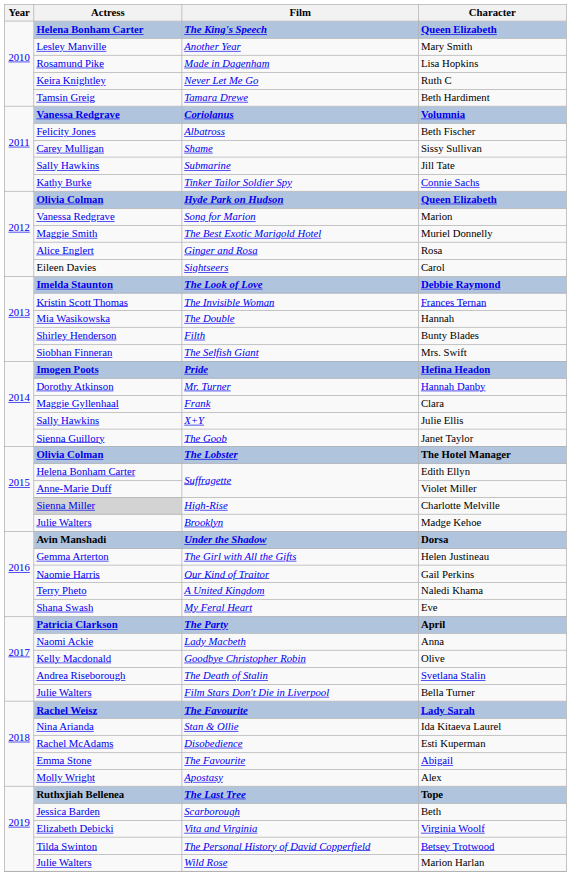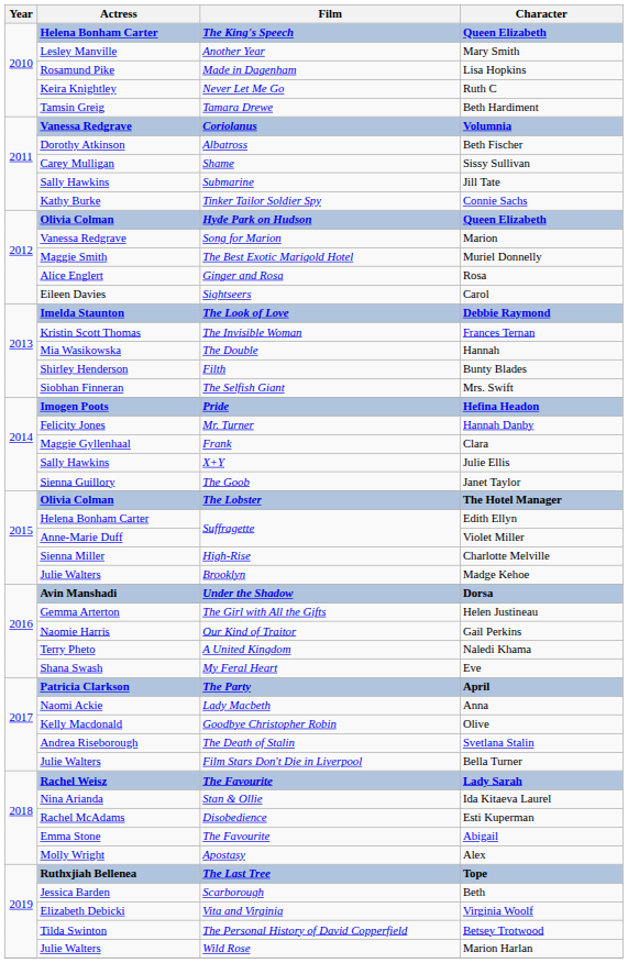 <table class="wikitable" width="95%" cellpadding="5">
 <tr>
 <th width="5%">Year</th>
 <th width="25%">Actress</th>
 <th width="40%">Film</th>
 <th width="25%">Character</th>
 </tr>
 <tr>
 <td rowspan="5" style="text-align:center;"><a href='#'>2010</a><br><br></td>
 <td style="background:#B0C4DE;"><strong><a href='#'>Helena Bonham Carter</a></strong></td>
 <td style="background:#B0C4DE;"><strong><em><a href='#'>The King's Speech</a></em></strong></td>
 <td style="background:#B0C4DE;"><strong><a href='#'>Queen Elizabeth</a></strong></td>
 </tr>
 <tr>
 <td><a href='#'>Lesley Manville</a></td>
 <td><em><a href='#'>Another Year</a></em></td>
 <td>Mary Smith</td>
 </tr>
 <tr>
 <td><a href='#'>Rosamund Pike</a></td>
 <td><em><a href='#'>Made in Dagenham</a></em></td>
 <td>Lisa Hopkins</td>
 </tr>
 <tr>
 <td><a href='#'>Keira Knightley</a></td>
 <td><em><a href='#'>Never Let Me Go</a></em></td>
 <td>Ruth C</td>
 </tr>
 <tr>
 <td><a href='#'>Tamsin Greig</a></td>
 <td><em><a href='#'>Tamara Drewe</a></em></td>
 <td>Beth Hardiment</td>
 </tr>
 <tr>
 <td rowspan="5" style="text-align:center;"><a href='#'>2011</a><br><br></td>
 <td style="background:#B0C4DE;"><strong><a href='#'>Vanessa Redgrave</a></strong></td>
 <td style="background:#B0C4DE;"><strong><em><a href='#'>Coriolanus</a></em></strong></td>
 <td style="background:#B0C4DE;"><strong><a href='#'>Volumnia</a></strong></td>
 </tr>
 <tr>
-<td><a href='#'>Felicity Jones</a></td>
+<td><a href='#'>Dorothy Atkinson</a></td>
 <td><em><a href='#'>Albatross</a></em></td>
 <td>Beth Fischer</td>
 </tr>
 <tr>
 <td><a href='#'>Carey Mulligan</a></td>
 <td><em><a href='#'>Shame</a></em></td>
 <td>Sissy Sullivan</td>
 </tr>
 <tr>
 <td><a href='#'>Sally Hawkins</a></td>
 <td><em><a href='#'>Submarine</a></em></td>
 <td>Jill Tate</td>
 </tr>
 <tr>
 <td><a href='#'>Kathy Burke</a></td>
 <td><em><a href='#'>Tinker Tailor Soldier Spy</a></em></td>
 <td><a href='#'>Connie Sachs</a></td>
 </tr>
 <tr>
 <td rowspan="5" style="text-align:center;"><a href='#'>2012</a><br><br></td>
 <td style="background:#B0C4DE;"><strong><a href='#'>Olivia Colman</a></strong></td>
 <td style="background:#B0C4DE;"><strong><em><a href='#'>Hyde Park on Hudson</a></em></strong></td>
 <td style="background:#B0C4DE;"><strong><a href='#'>Queen Elizabeth</a></strong></td>
 </tr>
 <tr>
 <td><a href='#'>Vanessa Redgrave</a></td>
 <td><em><a href='#'>Song for Marion</a></em></td>
 <td>Marion</td>
 </tr>
 <tr>
 <td><a href='#'>Maggie Smith</a></td>
 <td><em><a href='#'>The Best Exotic Marigold Hotel</a></em></td>
 <td>Muriel Donnelly</td>
 </tr>
 <tr>
 <td><a href='#'>Alice Englert</a></td>
 <td><em><a href='#'>Ginger and Rosa</a></em></td>
 <td>Rosa</td>
 </tr>
 <tr>
 <td>Eileen Davies</td>
 <td><em><a href='#'>Sightseers</a></em></td>
 <td>Carol</td>
 </tr>
 <tr>
 <td rowspan="5" style="text-align:center;"><a href='#'>2013</a><br><br></td>
 <td style="background:#B0C4DE;"><strong><a href='#'>Imelda Staunton</a></strong></td>
 <td style="background:#B0C4DE;"><strong><em><a href='#'>The Look of Love</a></em></strong></td>
 <td style="background:#B0C4DE;"><strong><a href='#'>Debbie Raymond</a></strong></td>
 </tr>
 <tr>
 <td><a href='#'>Kristin Scott Thomas</a></td>
 <td><em><a href='#'>The Invisible Woman</a></em></td>
 <td><a href='#'>Frances Ternan</a></td>
 </tr>
 <tr>
 <td><a href='#'>Mia Wasikowska</a></td>
 <td><em><a href='#'>The Double</a></em></td>
 <td>Hannah</td>
 </tr>
 <tr>
 <td><a href='#'>Shirley Henderson</a></td>
 <td><em><a href='#'>Filth</a></em></td>
 <td>Bunty Blades</td>
 </tr>
 <tr>
 <td><a href='#'>Siobhan Finneran</a></td>
 <td><em><a href='#'>The Selfish Giant</a></em></td>
 <td>Mrs. Swift</td>
 </tr>
 <tr>
 <td rowspan="5" style="text-align:center;"><a href='#'>2014</a><br><br></td>
 <td style="background:#B0C4DE;"><strong><a href='#'>Imogen Poots</a></strong></td>
 <td style="background:#B0C4DE;"><strong><em><a href='#'>Pride</a></em></strong></td>
 <td style="background:#B0C4DE;"><strong><a href='#'>Hefina Headon</a></strong></td>
 </tr>
 <tr>
-<td><a href='#'>Dorothy Atkinson</a></td>
+<td><a href='#'>Felicity Jones</a></td>
 <td><em><a href='#'>Mr. Turner</a></em></td>
 <td><a href='#'>Hannah Danby</a></td>
 </tr>
 <tr>
 <td><a href='#'>Maggie Gyllenhaal</a></td>
 <td><em><a href='#'>Frank</a></em></td>
 <td>Clara</td>
 </tr>
 <tr>
 <td><a href='#'>Sally Hawkins</a></td>
 <td><em><a href='#'>X+Y</a></em></td>
 <td>Julie Ellis</td>
 </tr>
 <tr>
 <td><a href='#'>Sienna Guillory</a></td>
 <td><em><a href='#'>The Goob</a></em></td>
 <td>Janet Taylor</td>
 </tr>
 <tr>
 <td rowspan="5" style="text-align:center;"><a href='#'>2015</a><br><br></td>
 <td style="background:#B0C4DE;"><strong><a href='#'>Olivia Colman</a></strong></td>
 <td style="background:#B0C4DE;"><strong><em><a href='#'>The Lobster</a></em></strong></td>
 <td style="background:#B0C4DE;"><strong>The Hotel Manager</strong></td>
 </tr>
 <tr>
 <td><a href='#'>Helena Bonham Carter</a></td>
 <td rowspan="2"><em><a href='#'>Suffragette</a></em></td>
 <td>Edith Ellyn</td>
 </tr>
 <tr>
 <td><a href='#'>Anne-Marie Duff</a></td>
 <td>Violet Miller</td>
 </tr>
 <tr>
-<td style="background: lightgrey;"><a href='#'>Sienna Miller</a></td>
+<td><a href='#'>Sienna Miller</a></td>
 <td><em><a href='#'>High-Rise</a></em></td>
 <td>Charlotte Melville</td>
 </tr>
 <tr>
 <td><a href='#'>Julie Walters</a></td>
 <td><em><a href='#'>Brooklyn</a></em></td>
 <td>Madge Kehoe</td>
 </tr>
 <tr>
 <td rowspan="5" style="text-align:center;"><a href='#'>2016</a><br><br></td>
 <td style="background:#B0C4DE;"><strong>Avin Manshadi</strong></td>
 <td style="background:#B0C4DE;"><strong><em><a href='#'>Under the Shadow</a></em></strong></td>
 <td style="background:#B0C4DE;"><strong>Dorsa</strong></td>
 </tr>
 <tr>
 <td><a href='#'>Gemma Arterton</a></td>
 <td><em><a href='#'>The Girl with All the Gifts</a></em></td>
 <td>Helen Justineau</td>
 </tr>
 <tr>
 <td><a href='#'>Naomie Harris</a></td>
 <td><em><a href='#'>Our Kind of Traitor</a></em></td>
 <td>Gail Perkins</td>
 </tr>
 <tr>
 <td><a href='#'>Terry Pheto</a></td>
 <td><em><a href='#'>A United Kingdom</a></em></td>
 <td>Naledi Khama</td>
 </tr>
 <tr>
 <td><a href='#'>Shana Swash</a></td>
 <td><em><a href='#'>My Feral Heart</a></em></td>
 <td>Eve</td>
 </tr>
 <tr>
 <td rowspan="5" style="text-align:center;"><a href='#'>2017</a> <br><br></td>
 <td style="background:#B0C4DE;"><strong><a href='#'>Patricia Clarkson</a></strong></td>
 <td style="background:#B0C4DE;"><strong><em><a href='#'>The Party</a></em></strong></td>
 <td style="background:#B0C4DE;"><strong>April</strong></td>
 </tr>
 <tr>
 <td><a href='#'>Naomi Ackie</a></td>
 <td><em><a href='#'>Lady Macbeth</a></em></td>
 <td>Anna</td>
 </tr>
 <tr>
 <td><a href='#'>Kelly Macdonald</a></td>
 <td><em><a href='#'>Goodbye Christopher Robin</a></em></td>
 <td>Olive</td>
 </tr>
 <tr>
 <td><a href='#'>Andrea Riseborough</a></td>
 <td><em><a href='#'>The Death of Stalin</a></em></td>
 <td><a href='#'>Svetlana Stalin</a></td>
 </tr>
 <tr>
 <td><a href='#'>Julie Walters</a></td>
 <td><em><a href='#'>Film Stars Don't Die in Liverpool</a></em></td>
 <td>Bella Turner</td>
 </tr>
 <tr>
 <td rowspan="5" style="text-align:center;"><a href='#'>2018</a> <br><br></td>
 <td style="background:#B0C4DE;"><strong><a href='#'>Rachel Weisz</a></strong></td>
 <td style="background:#B0C4DE;"><strong><em><a href='#'>The Favourite</a></em></strong></td>
 <td style="background:#B0C4DE;"><strong><a href='#'>Lady Sarah</a></strong></td>
 </tr>
 <tr>
 <td><a href='#'>Nina Arianda</a></td>
 <td><em><a href='#'>Stan & Ollie</a></em></td>
 <td>Ida Kitaeva Laurel</td>
 </tr>
 <tr>
 <td><a href='#'>Rachel McAdams</a></td>
 <td><em><a href='#'>Disobedience</a></em></td>
 <td>Esti Kuperman</td>
 </tr>
 <tr>
 <td><a href='#'>Emma Stone</a></td>
 <td><em><a href='#'>The Favourite</a></em></td>
 <td><a href='#'>Abigail</a></td>
 </tr>
 <tr>
 <td><a href='#'>Molly Wright</a></td>
 <td><em><a href='#'>Apostasy</a></em></td>
 <td>Alex</td>
 </tr>
 <tr>
 <td rowspan="5" style="text-align:center;"><a href='#'>2019</a> <br><br></td>
 <td style="background:#B0C4DE;"><strong>Ruthxjiah Bellenea</strong></td>
 <td style="background:#B0C4DE;"><strong><em><a href='#'>The Last Tree</a></em></strong></td>
 <td style="background:#B0C4DE;"><strong>Tope</strong></td>
 </tr>
 <tr>
 <td><a href='#'>Jessica Barden</a></td>
 <td><em><a href='#'>Scarborough</a></em></td>
 <td>Beth</td>
 </tr>
 <tr>
 <td><a href='#'>Elizabeth Debicki</a></td>
 <td><em><a href='#'>Vita and Virginia</a></em></td>
 <td><a href='#'>Virginia Woolf</a></td>
 </tr>
 <tr>
 <td><a href='#'>Tilda Swinton</a></td>
 <td><em><a href='#'>The Personal History of David Copperfield</a></em></td>
 <td><a href='#'>Betsey Trotwood</a></td>
 </tr>
 <tr>
 <td><a href='#'>Julie Walters</a></td>
 <td><em><a href='#'>Wild Rose</a></em></td>
 <td>Marion Harlan</td>
 </tr>
 <tr>
 </tr>
 </table>
